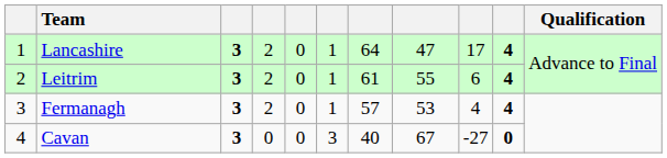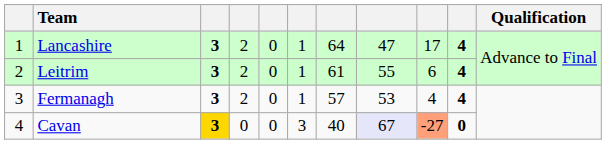 <table class="wikitable" style="text-align:center">
 <tr>
 <th width="20"></th>
 <th width="150" style="text-align:left;">Team</th>
 <th width="20"></th>
 <th width="20"></th>
 <th width="20"></th>
 <th width="20"></th>
 <th width="30"></th>
 <th width="50"></th>
 <th width="20"></th>
 <th width="20"></th>
 <th>Qualification</th>
 </tr>
 <tr style="background:#ccffcc">
 <td>1</td>
 <td align="left"> <a href='#'>Lancashire</a></td>
 <td><strong>3</strong></td>
 <td>2</td>
 <td>0</td>
 <td>1</td>
 <td>64</td>
 <td>47</td>
 <td>17</td>
 <td><strong>4</strong></td>
 <td rowspan="2">Advance to <a href='#'>Final</a></td>
 </tr>
 <tr style="background:#ccffcc">
 <td>2</td>
 <td align="left"> <a href='#'>Leitrim</a></td>
 <td><strong>3</strong></td>
 <td>2</td>
 <td>0</td>
 <td>1</td>
 <td>61</td>
 <td>55</td>
 <td>6</td>
 <td><strong>4</strong></td>
 </tr>
 <tr>
 <td>3</td>
 <td align="left"> <a href='#'>Fermanagh</a></td>
 <td><strong>3</strong></td>
 <td>2</td>
 <td>0</td>
 <td>1</td>
 <td>57</td>
 <td>53</td>
 <td>4</td>
 <td><strong>4</strong></td>
 <td rowspan="2"></td>
 </tr>
 <tr>
 <td>4</td>
 <td align="left"> <a href='#'>Cavan</a></td>
-<td><strong>3</strong></td>
+<td style="background: gold;"><strong>3</strong></td>
 <td>0</td>
 <td>0</td>
 <td>3</td>
 <td>40</td>
-<td>67</td>
-<td>-27</td>
+<td style="background: lavender;">67</td>
+<td style="background: lightsalmon;">-27</td>
 <td><strong>0</strong></td>
 </tr>
 </table>
